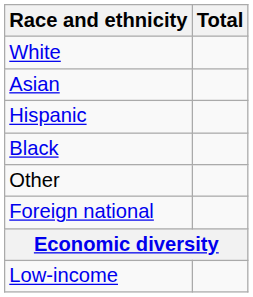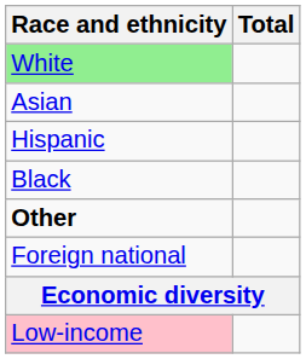 <table class="wikitable floatright sortable collapsible" ; text-align:right; font-size:80%;">
 <tr>
 <th>Race and ethnicity</th>
 <th colspan="2" data-sort-type="number">Total</th>
 </tr>
 <tr>
-<td><a href='#'>White</a></td>
+<td style="background: lightgreen;"><a href='#'>White</a></td>
 <td align=right></td>
 </tr>
 <tr>
 <td><a href='#'>Asian</a></td>
 <td align=right></td>
 </tr>
 <tr>
 <td><a href='#'>Hispanic</a></td>
 <td align=right></td>
 </tr>
 <tr>
 <td><a href='#'>Black</a></td>
 <td align=right></td>
 </tr>
 <tr>
-<td>Other</td>
+<td><strong>Other</strong></td>
 <td align=right></td>
 </tr>
 <tr>
 <td><a href='#'>Foreign national</a></td>
 <td align=right></td>
 </tr>
 <tr>
 <th colspan="4" data-sort-type="number"><a href='#'>Economic diversity</a></th>
 </tr>
 <tr>
-<td><a href='#'>Low-income</a></td>
+<td style="background: pink;"><a href='#'>Low-income</a></td>
 <td align=right></td>
 </tr>
 </table>
